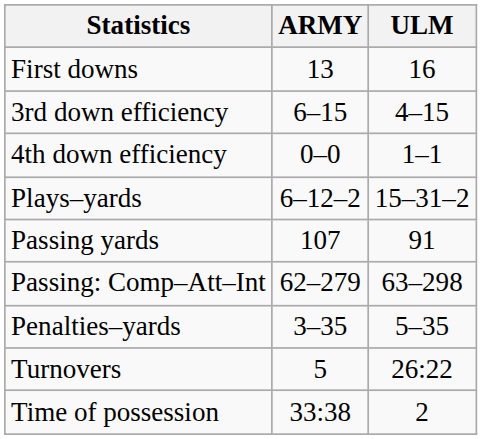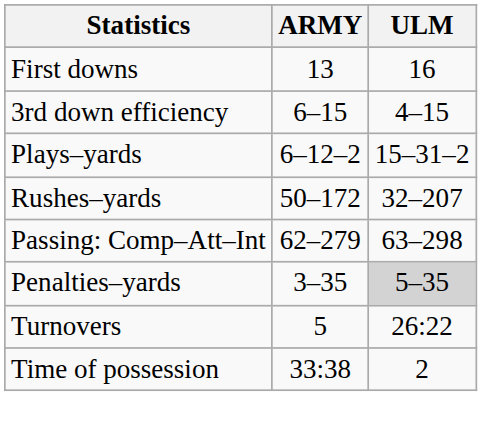 <table class="wikitable" style="float: left;">
 <tr>
 <th>Statistics</th>
 <th>ARMY</th>
 <th>ULM</th>
 </tr>
 <tr>
 <td>First downs</td>
 <td align=center>13</td>
 <td align=center>16</td>
 </tr>
 <tr>
 <td>3rd down efficiency</td>
 <td align=center>6–15</td>
 <td align=center>4–15</td>
 </tr>
 <tr>
-<td>4th down efficiency</td>
-<td align=center>0–0</td>
-<td align=center>1–1</td>
-</tr>
-<tr>
 <td>Plays–yards</td>
 <td align=center>6–12–2</td>
 <td align=center>15–31–2</td>
 </tr>
 <tr>
-<td>Passing yards</td>
-<td align=center>107</td>
-<td align=center>91</td>
+<td>Rushes–yards</td>
+<td align=center>50–172</td>
+<td align=center>32–207</td>
 </tr>
 <tr>
 <td>Passing: Comp–Att–Int</td>
 <td align=center>62–279</td>
 <td align=center>63–298</td>
 </tr>
 <tr>
 <td>Penalties–yards</td>
 <td align=center>3–35</td>
-<td align=center>5–35</td>
+<td align=center style="background: lightgrey;">5–35</td>
 </tr>
 <tr>
 <td>Turnovers</td>
 <td align=center>5</td>
 <td align=center>26:22</td>
 </tr>
 <tr>
 <td>Time of possession</td>
 <td align=center>33:38</td>
 <td align=center>2</td>
 </tr>
 </table>
